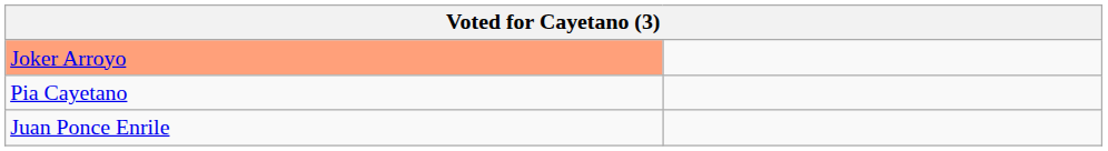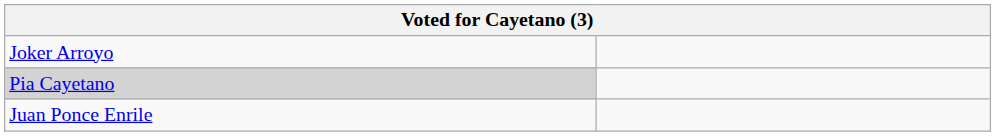 <table class=wikitable width=90%>
 <tr>
 <th colspan=3>Voted for Cayetano (3)</th>
 </tr>
 <tr>
-<td width=60% style="background: lightsalmon;"><a href='#'>Joker Arroyo</a></td>
+<td width=60%><a href='#'>Joker Arroyo</a></td>
 <td></td>
 </tr>
 <tr>
-<td><a href='#'>Pia Cayetano</a></td>
+<td style="background: lightgrey;"><a href='#'>Pia Cayetano</a></td>
 <td></td>
 </tr>
 <tr>
 <td><a href='#'>Juan Ponce Enrile</a></td>
 <td></td>
 </tr>
 </table>
